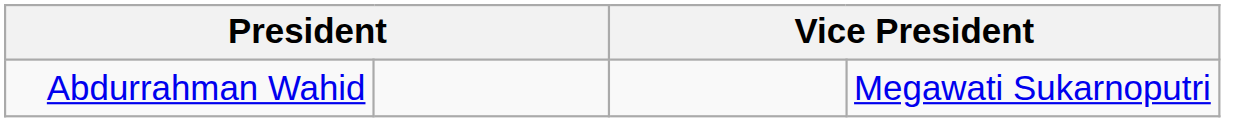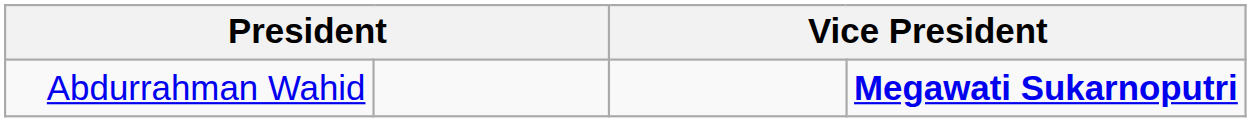 <table class="wikitable">
 <tr>
 <th colspan="2" width=270>President</th>
 <th colspan="2" width=270>Vice President</th>
 </tr>
 <tr>
 <td align="right"><a href='#'>Abdurrahman Wahid</a></td>
 <td align="center" width=101></td>
 <td align="center" width=101></td>
-<td align="left"><a href='#'>Megawati Sukarnoputri</a></td>
+<td align="left"><strong><a href='#'>Megawati Sukarnoputri</a></strong></td>
 </tr>
 </table>
